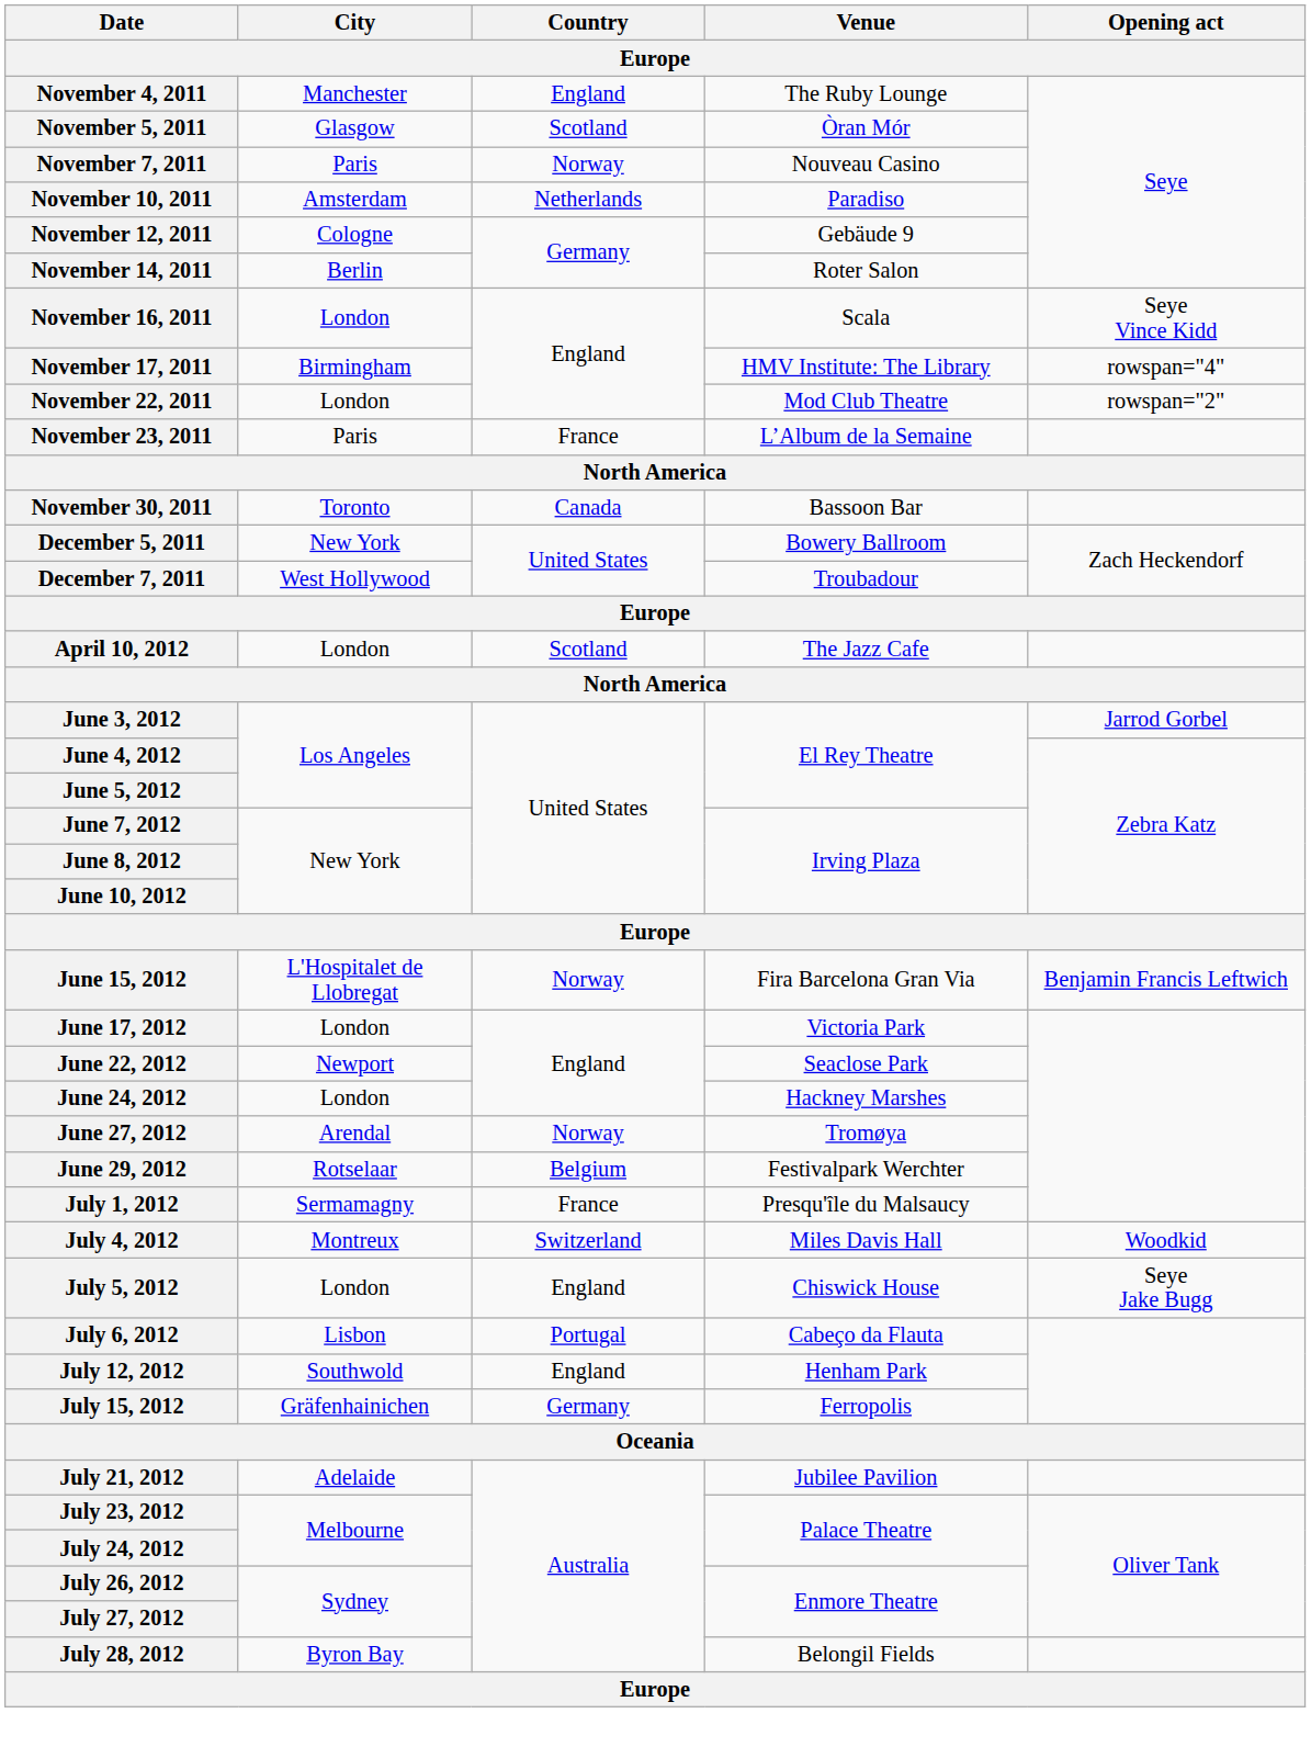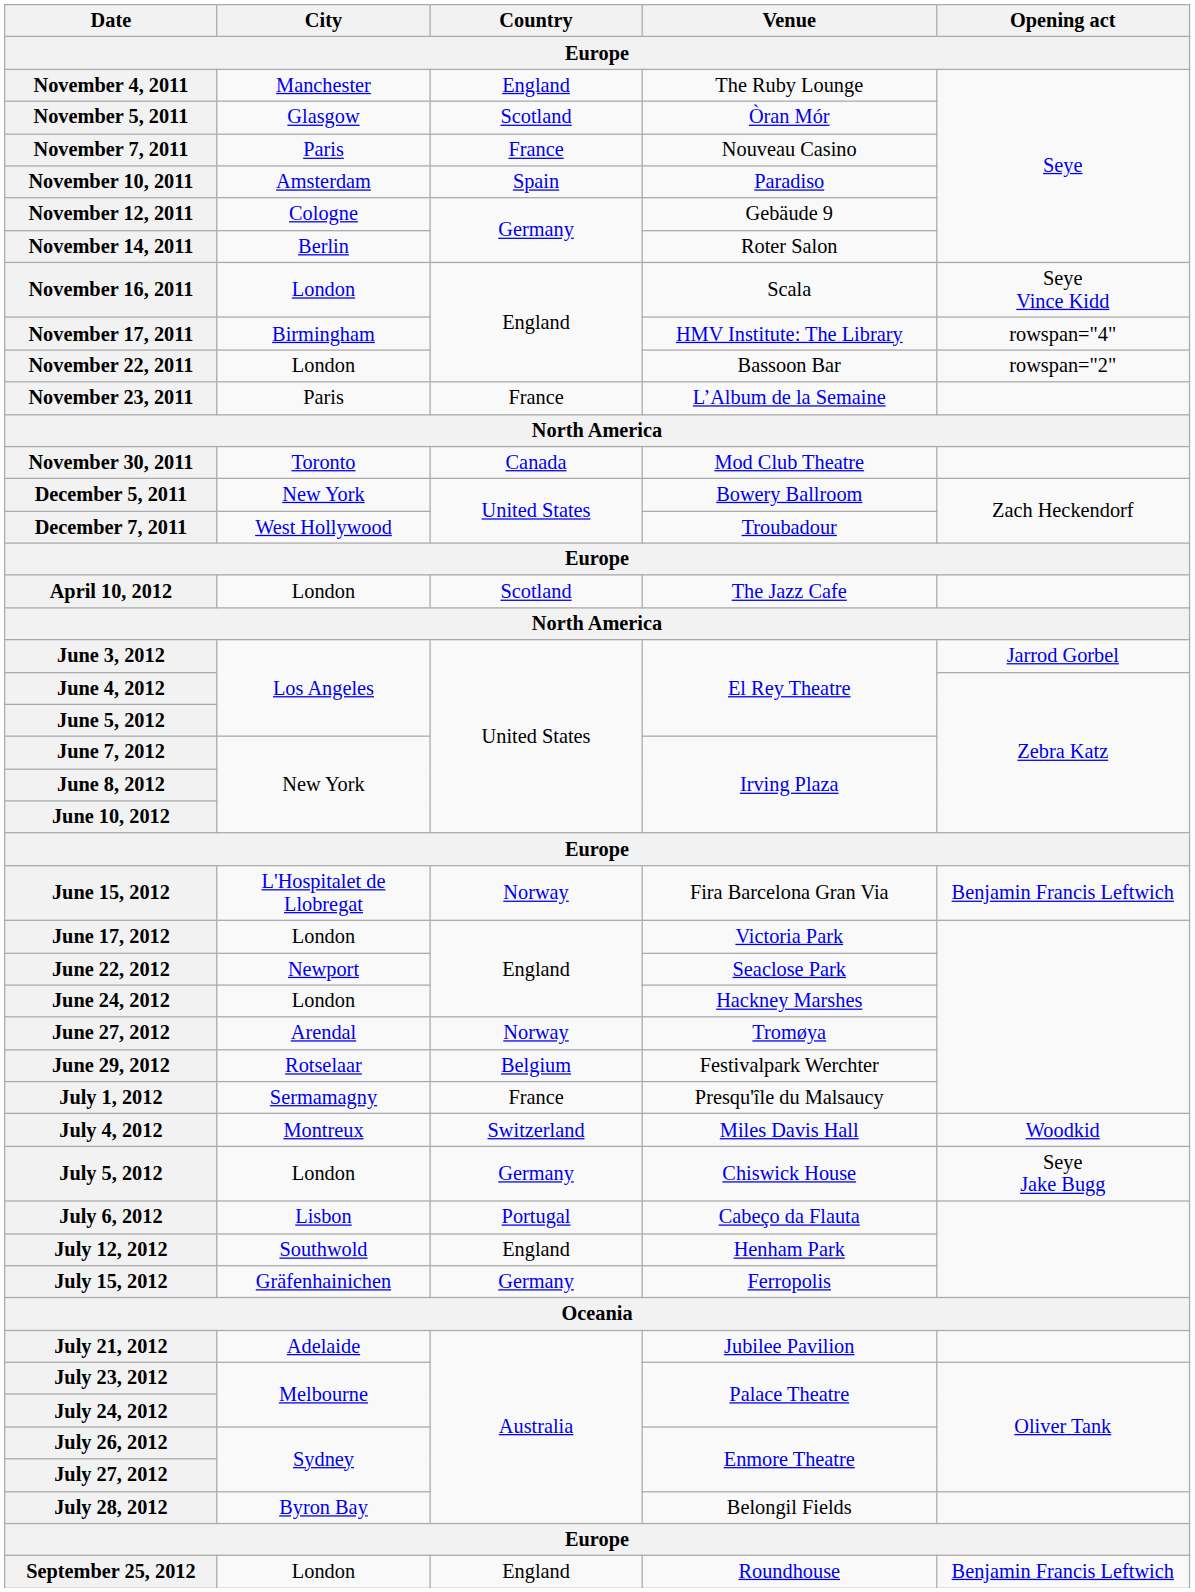 <table class="wikitable plainrowheaders" style="text-align:center;">
 <tr>
 <th scope="col" style="width:10em;">Date</th>
 <th scope="col" style="width:10em;">City</th>
 <th scope="col" style="width:10em;">Country</th>
 <th scope="col" style="width:14em;">Venue</th>
 <th scope="col" style="width:12em;">Opening act</th>
 </tr>
 <tr>
 <th colspan="5">Europe</th>
 </tr>
 <tr>
 <th scope="row" style="text-align:center;">November 4, 2011</th>
 <td><a href='#'>Manchester</a></td>
 <td><a href='#'>England</a></td>
 <td>The Ruby Lounge</td>
 <td rowspan="6"><a href='#'>Seye</a></td>
 </tr>
 <tr>
 <th scope="row" style="text-align:center;">November 5, 2011</th>
 <td><a href='#'>Glasgow</a></td>
 <td><a href='#'>Scotland</a></td>
 <td><a href='#'>Òran Mór</a></td>
 </tr>
 <tr>
 <th scope="row" style="text-align:center;">November 7, 2011</th>
 <td><a href='#'>Paris</a></td>
-<td><a href='#'>Norway</a></td>
+<td><a href='#'>France</a></td>
 <td>Nouveau Casino</td>
 </tr>
 <tr>
 <th scope="row" style="text-align:center;">November 10, 2011</th>
 <td><a href='#'>Amsterdam</a></td>
-<td><a href='#'>Netherlands</a></td>
+<td><a href='#'>Spain</a></td>
 <td><a href='#'>Paradiso</a></td>
 </tr>
 <tr>
 <th scope="row" style="text-align:center;">November 12, 2011</th>
 <td><a href='#'>Cologne</a></td>
 <td rowspan="2" style="text-align:center;"><a href='#'>Germany</a></td>
 <td>Gebäude 9</td>
 </tr>
 <tr>
 <th scope="row" style="text-align:center;">November 14, 2011</th>
 <td><a href='#'>Berlin</a></td>
 <td>Roter Salon</td>
 </tr>
 <tr>
 <th scope="row" style="text-align:center;">November 16, 2011</th>
 <td><a href='#'>London</a></td>
 <td rowspan="3">England</td>
 <td>Scala</td>
 <td>Seye<br><a href='#'>Vince Kidd</a></td>
 </tr>
 <tr>
 <th scope="row" style="text-align:center;">November 17, 2011</th>
 <td><a href='#'>Birmingham</a></td>
 <td><a href='#'>HMV Institute: The Library</a></td>
 <td>rowspan="4" </td>
 </tr>
 <tr>
 <th scope="row" style="text-align:center;">November 22, 2011</th>
 <td>London</td>
-<td><a href='#'>Mod Club Theatre</a></td>
+<td>Bassoon Bar</td>
 <td>rowspan="2" </td>
 </tr>
 <tr>
 <th scope="row" style="text-align:center;">November 23, 2011</th>
 <td>Paris</td>
 <td>France</td>
 <td><a href='#'>L’Album de la Semaine</a></td>
 </tr>
 <tr>
 <th colspan="5">North America</th>
 </tr>
 <tr>
 <th scope="row" style="text-align:center;">November 30, 2011</th>
 <td><a href='#'>Toronto</a></td>
 <td><a href='#'>Canada</a></td>
-<td>Bassoon Bar</td>
+<td><a href='#'>Mod Club Theatre</a></td>
 <td></td>
 </tr>
 <tr>
 <th scope="row" style="text-align:center;">December 5, 2011</th>
 <td><a href='#'>New York</a></td>
 <td rowspan="2"><a href='#'>United States</a></td>
 <td><a href='#'>Bowery Ballroom</a></td>
 <td rowspan="2">Zach Heckendorf</td>
 </tr>
 <tr>
 <th scope="row" style="text-align:center;">December 7, 2011</th>
 <td><a href='#'>West Hollywood</a></td>
 <td><a href='#'>Troubadour</a></td>
 </tr>
 <tr>
 <th colspan="5">Europe</th>
 </tr>
 <tr>
 <th scope="row" style="text-align:center;">April 10, 2012</th>
 <td>London</td>
 <td><a href='#'>Scotland</a></td>
 <td><a href='#'>The Jazz Cafe</a></td>
 <td></td>
 </tr>
 <tr>
 <th colspan="5">North America</th>
 </tr>
 <tr>
 <th scope="row" style="text-align:center;">June 3, 2012</th>
 <td rowspan="3"><a href='#'>Los Angeles</a></td>
 <td rowspan="6">United States</td>
 <td rowspan="3"><a href='#'>El Rey Theatre</a></td>
 <td><a href='#'>Jarrod Gorbel</a></td>
 </tr>
 <tr>
 <th scope="row" style="text-align:center;">June 4, 2012</th>
 <td rowspan="5"><a href='#'>Zebra Katz</a></td>
 </tr>
 <tr>
 <th scope="row" style="text-align:center;">June 5, 2012</th>
 </tr>
 <tr>
 <th scope="row" style="text-align:center;">June 7, 2012</th>
 <td rowspan="3">New York</td>
 <td rowspan="3"><a href='#'>Irving Plaza</a></td>
 </tr>
 <tr>
 <th scope="row" style="text-align:center;">June 8, 2012</th>
 </tr>
 <tr>
 <th scope="row" style="text-align:center;">June 10, 2012</th>
 </tr>
 <tr>
 <th colspan="5">Europe</th>
 </tr>
 <tr>
 <th scope="row" style="text-align:center;">June 15, 2012</th>
 <td><a href='#'>L'Hospitalet de Llobregat</a></td>
 <td><a href='#'>Norway</a></td>
 <td>Fira Barcelona Gran Via</td>
 <td><a href='#'>Benjamin Francis Leftwich</a></td>
 </tr>
 <tr>
 <th scope="row" style="text-align:center;">June 17, 2012</th>
 <td>London</td>
 <td rowspan="3">England</td>
 <td><a href='#'>Victoria Park</a></td>
 </tr>
 <tr>
 <th scope="row" style="text-align:center;">June 22, 2012</th>
 <td><a href='#'>Newport</a></td>
 <td><a href='#'>Seaclose Park</a></td>
 </tr>
 <tr>
 <th scope="row" style="text-align:center;">June 24, 2012</th>
 <td>London</td>
 <td><a href='#'>Hackney Marshes</a></td>
 </tr>
 <tr>
 <th scope="row" style="text-align:center;">June 27, 2012</th>
 <td><a href='#'>Arendal</a></td>
 <td><a href='#'>Norway</a></td>
 <td><a href='#'>Tromøya</a></td>
 </tr>
 <tr>
 <th scope="row" style="text-align:center;">June 29, 2012</th>
 <td><a href='#'>Rotselaar</a></td>
 <td><a href='#'>Belgium</a></td>
 <td>Festivalpark Werchter</td>
 </tr>
 <tr>
 <th scope="row" style="text-align:center;">July 1, 2012</th>
 <td><a href='#'>Sermamagny</a></td>
 <td>France</td>
 <td>Presqu'île du Malsaucy</td>
 </tr>
 <tr>
 <th scope="row" style="text-align:center;">July 4, 2012</th>
 <td><a href='#'>Montreux</a></td>
 <td><a href='#'>Switzerland</a></td>
 <td><a href='#'>Miles Davis Hall</a></td>
 <td><a href='#'>Woodkid</a></td>
 </tr>
 <tr>
 <th scope="row" style="text-align:center;">July 5, 2012</th>
 <td>London</td>
-<td>England</td>
+<td><a href='#'>Germany</a></td>
 <td><a href='#'>Chiswick House</a></td>
 <td>Seye<br><a href='#'>Jake Bugg</a></td>
 </tr>
 <tr>
 <th scope="row" style="text-align:center;">July 6, 2012</th>
 <td><a href='#'>Lisbon</a></td>
 <td><a href='#'>Portugal</a></td>
 <td><a href='#'>Cabeço da Flauta</a></td>
 </tr>
 <tr>
 <th scope="row" style="text-align:center;">July 12, 2012</th>
 <td><a href='#'>Southwold</a></td>
 <td>England</td>
 <td><a href='#'>Henham Park</a></td>
 </tr>
 <tr>
 <th scope="row" style="text-align:center;">July 15, 2012</th>
 <td><a href='#'>Gräfenhainichen</a></td>
 <td><a href='#'>Germany</a></td>
 <td><a href='#'>Ferropolis</a></td>
 </tr>
 <tr>
 <th colspan="5">Oceania</th>
 </tr>
 <tr>
 <th scope="row" style="text-align:center;">July 21, 2012</th>
 <td><a href='#'>Adelaide</a></td>
 <td rowspan="6"><a href='#'>Australia</a></td>
 <td><a href='#'>Jubilee Pavilion</a></td>
 <td></td>
 </tr>
 <tr>
 <th scope="row" style="text-align:center;">July 23, 2012</th>
 <td rowspan="2"><a href='#'>Melbourne</a></td>
 <td rowspan="2"><a href='#'>Palace Theatre</a></td>
 <td rowspan="4"><a href='#'>Oliver Tank</a></td>
 </tr>
 <tr>
 <th scope="row" style="text-align:center;">July 24, 2012</th>
 </tr>
 <tr>
 <th scope="row" style="text-align:center;">July 26, 2012</th>
 <td rowspan="2"><a href='#'>Sydney</a></td>
 <td rowspan="2"><a href='#'>Enmore Theatre</a></td>
 </tr>
 <tr>
 <th scope="row" style="text-align:center;">July 27, 2012</th>
 </tr>
 <tr>
 <th scope="row" style="text-align:center;">July 28, 2012</th>
 <td><a href='#'>Byron Bay</a></td>
 <td>Belongil Fields</td>
 <td></td>
 </tr>
 <tr>
 <th colspan="5">Europe</th>
 </tr>
+<tr>
+<th scope="row" style="text-align:center;">September 25, 2012</th>
+<td>London</td>
+<td>England</td>
+<td><a href='#'>Roundhouse</a></td>
+<td><a href='#'>Benjamin Francis Leftwich</a></td>
+</tr>
 </table>
